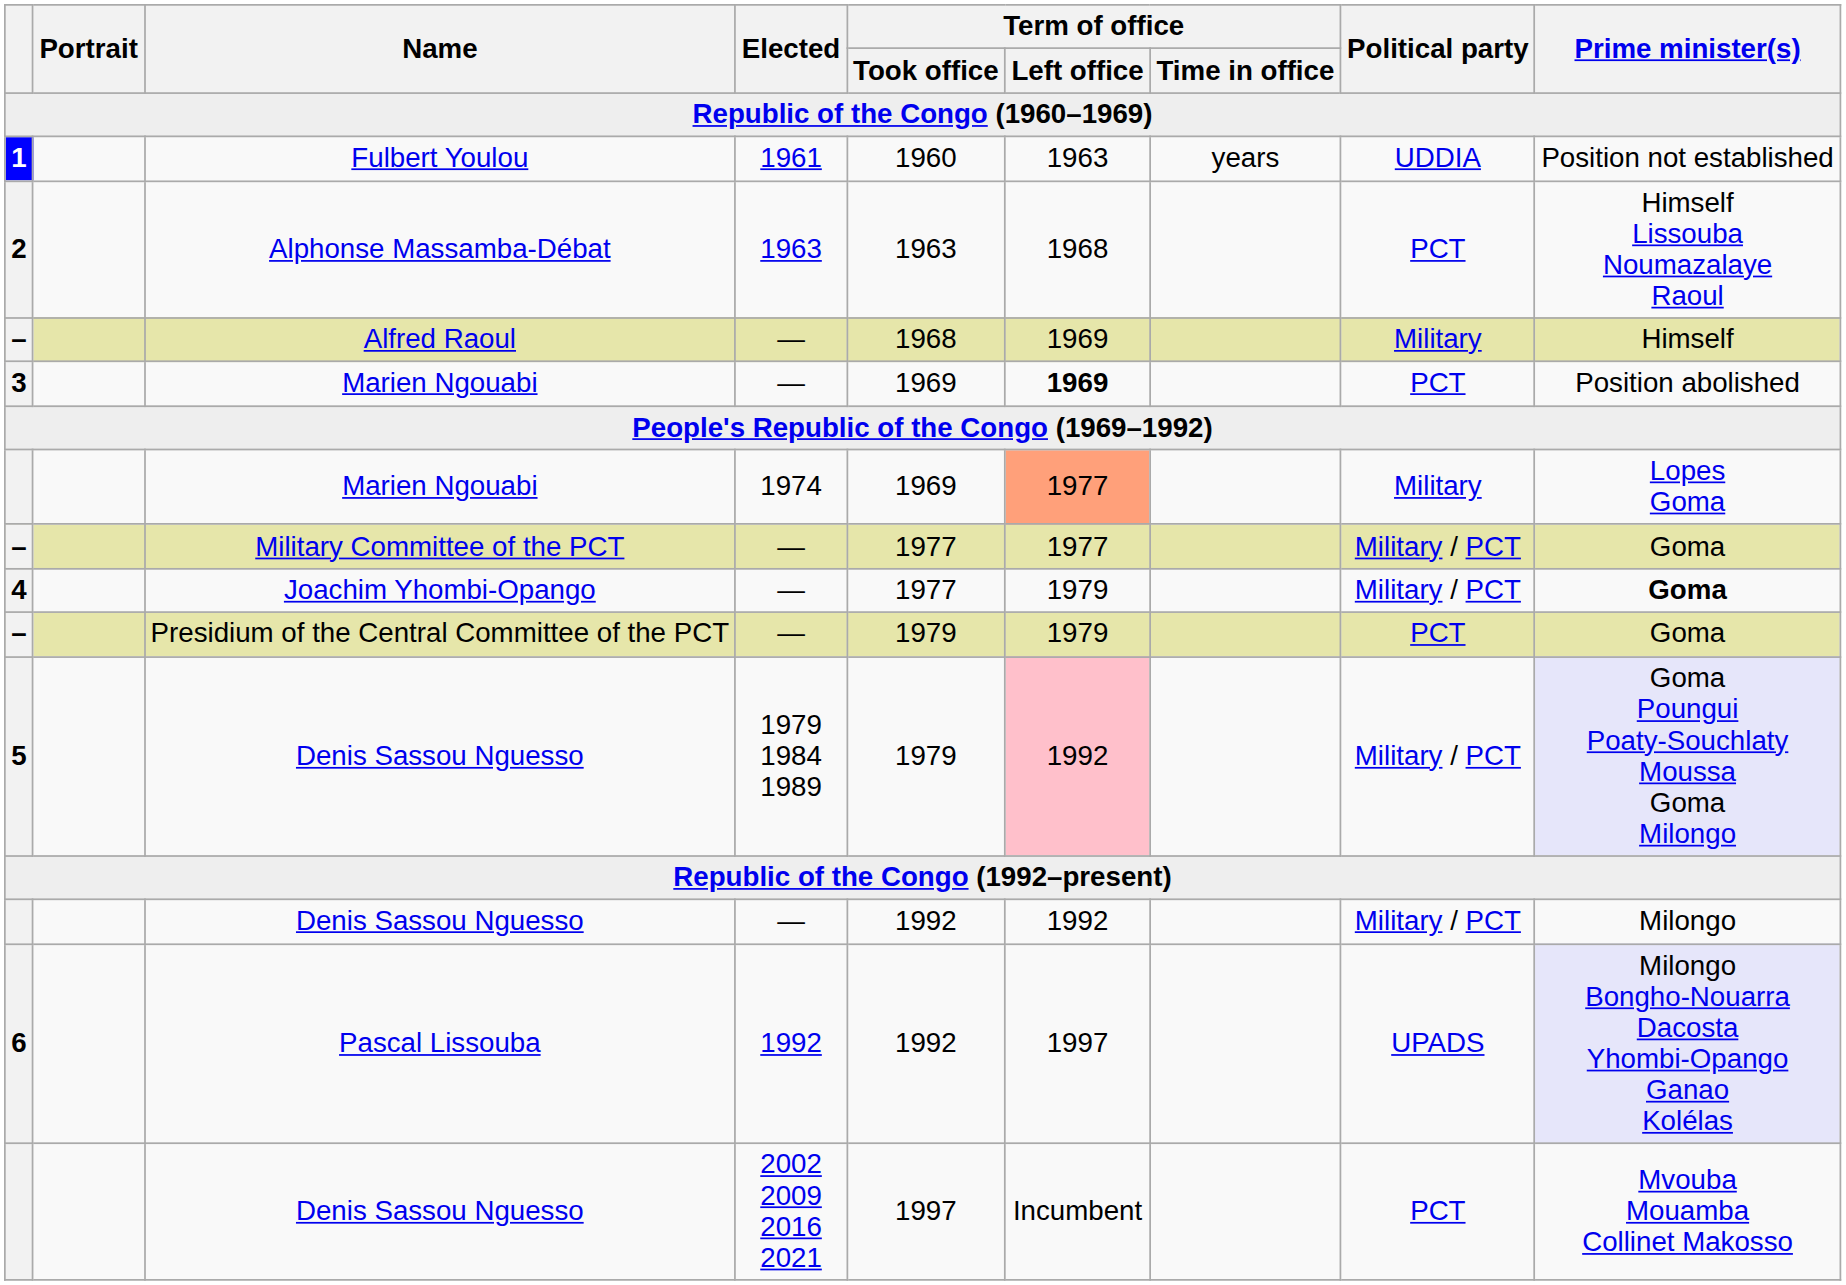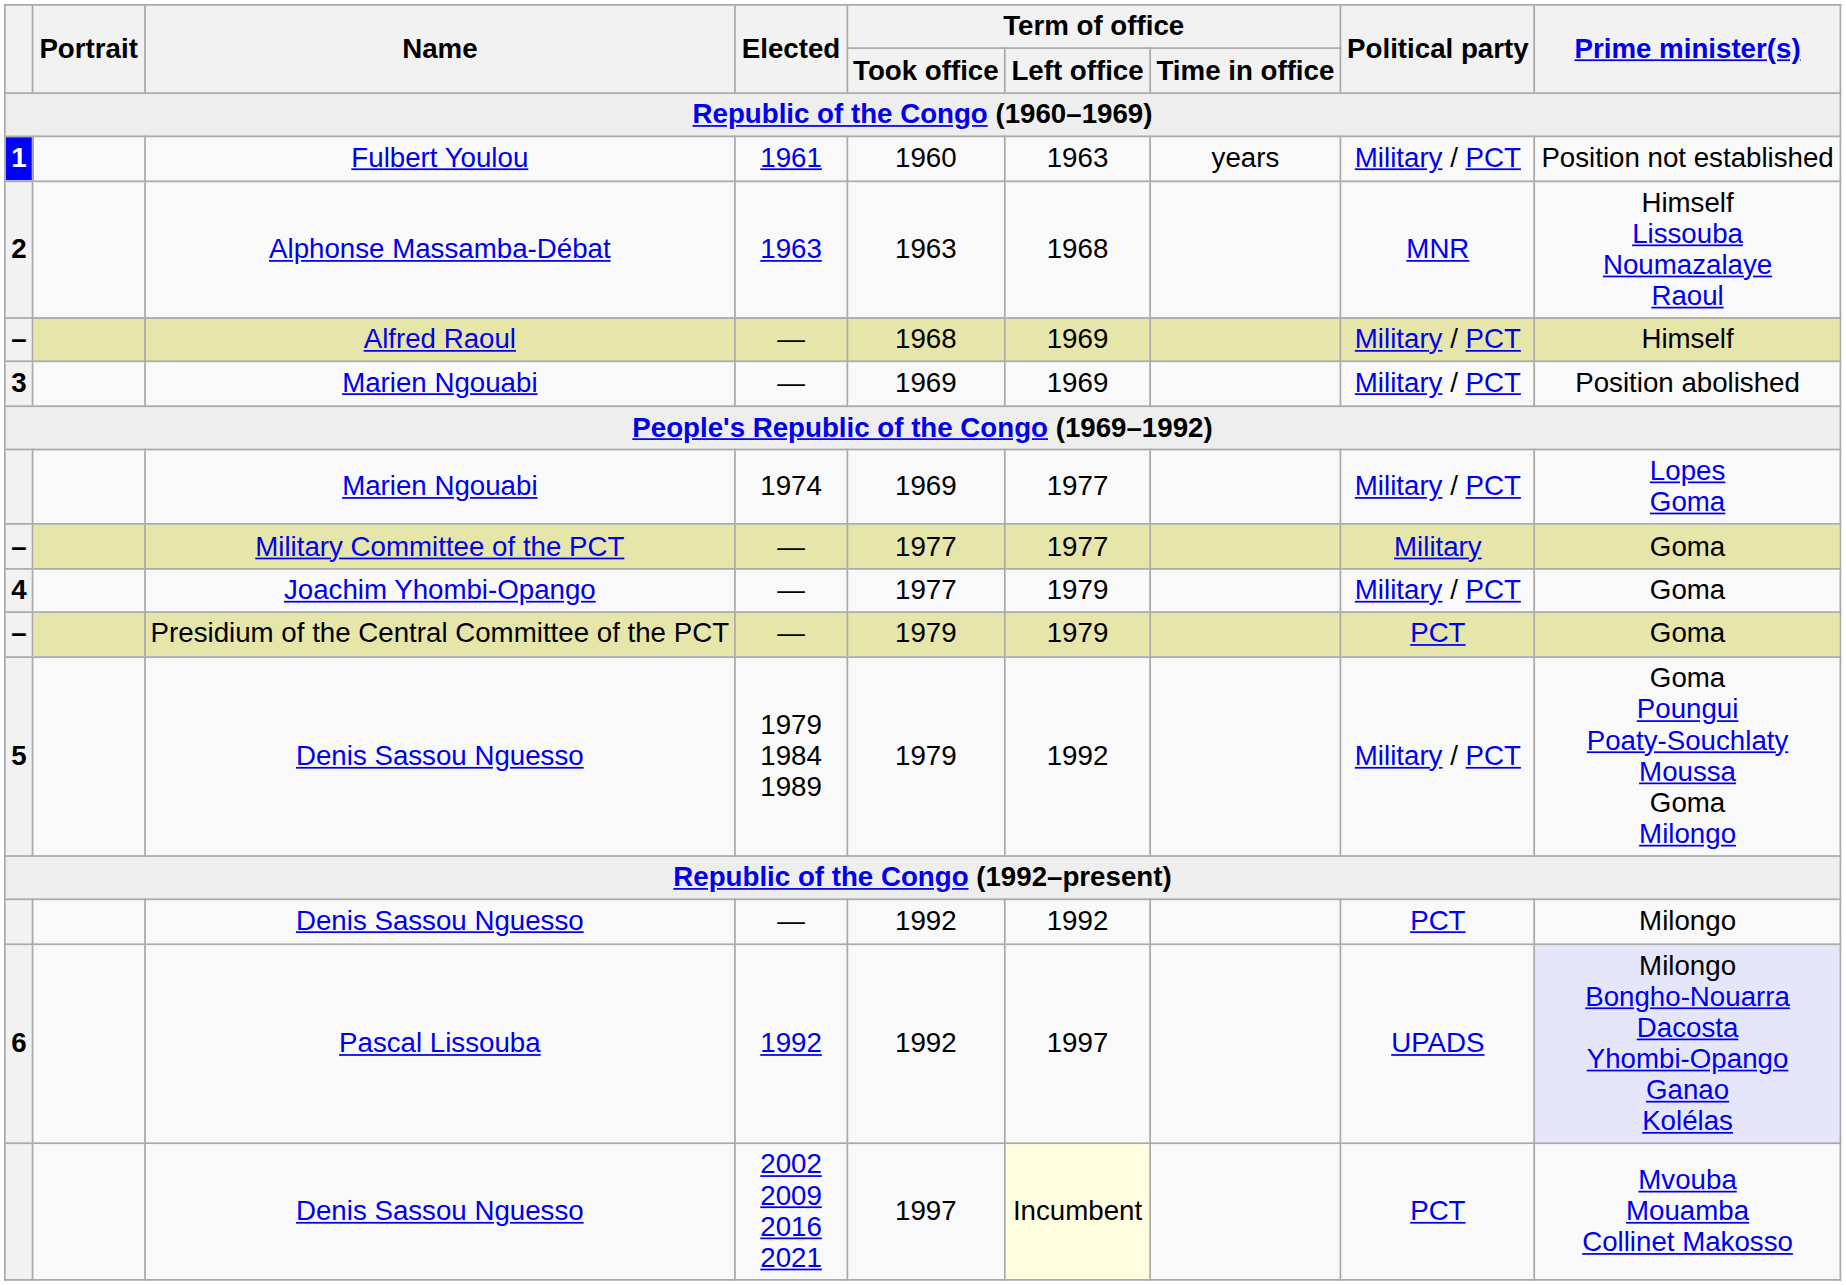 <table class="wikitable" style="text-align:center">
 <tr>
 <th rowspan="2"></th>
 <th rowspan="2">Portrait</th>
 <th rowspan="2">Name<br></th>
 <th rowspan="2">Elected</th>
 <th colspan="3">Term of office</th>
 <th rowspan="2">Political party</th>
 <th rowspan="2"><a href='#'>Prime minister(s)</a></th>
 </tr>
 <tr>
 <th>Took office</th>
 <th>Left office</th>
 <th>Time in office</th>
 </tr>
 <tr bgcolor=#EEEEEE>
 <td colspan="9"><strong><a href='#'>Republic of the Congo</a> (1960–1969)</strong></td>
 </tr>
 <tr>
 <th style="background:Blue; color:white;">1</th>
 <td></td>
 <td><a href='#'>Fulbert Youlou</a><br></td>
 <td><a href='#'>1961</a></td>
 <td> 1960</td>
 <td> 1963<br></td>
 <td> years</td>
-<td><a href='#'>UDDIA</a></td>
+<td><a href='#'>Military</a> / <a href='#'>PCT</a></td>
 <td>Position not established</td>
 </tr>
 <tr>
 <th style="background:">2</th>
 <td></td>
 <td><a href='#'>Alphonse Massamba-Débat</a><br></td>
 <td><a href='#'>1963</a></td>
 <td> 1963</td>
 <td> 1968<br></td>
 <td></td>
-<td><a href='#'>PCT</a></td>
+<td><a href='#'>MNR</a></td>
 <td>Himself<br><a href='#'>Lissouba</a><br><a href='#'>Noumazalaye</a><br><a href='#'>Raoul</a></td>
 </tr>
 <tr style="background:#e6e6aa;">
 <th style="background:">–</th>
 <td></td>
 <td><a href='#'>Alfred Raoul</a><br></td>
 <td>—</td>
 <td> 1968</td>
 <td> 1969</td>
 <td></td>
-<td><a href='#'>Military</a><br></td>
+<td><a href='#'>Military</a> / <a href='#'>PCT</a></td>
 <td>Himself</td>
 </tr>
 <tr>
 <th style="background:">3</th>
 <td></td>
 <td><a href='#'>Marien Ngouabi</a><br></td>
 <td>—</td>
 <td> 1969</td>
-<td><strong> 1969</strong></td>
+<td> 1969</td>
 <td></td>
-<td><a href='#'>PCT</a></td>
+<td><a href='#'>Military</a> / <a href='#'>PCT</a></td>
 <td>Position abolished</td>
 </tr>
 <tr bgcolor=#EEEEEE>
 <td colspan="9"><strong><a href='#'>People's Republic of the Congo</a> (1969–1992)</strong></td>
 </tr>
 <tr>
 <th style="background:"></th>
 <td></td>
 <td><a href='#'>Marien Ngouabi</a><br></td>
 <td>1974</td>
 <td> 1969</td>
-<td style="background: lightsalmon;"> 1977<br></td>
+<td> 1977<br></td>
 <td></td>
-<td><a href='#'>Military</a><br></td>
+<td><a href='#'>Military</a> / <a href='#'>PCT</a></td>
 <td><a href='#'>Lopes</a><br><a href='#'>Goma</a></td>
 </tr>
 <tr style="background:#e6e6aa;">
 <th style="background:">–</th>
 <td></td>
 <td><a href='#'>Military Committee of the PCT</a><br></td>
 <td>—</td>
 <td> 1977</td>
 <td> 1977</td>
 <td></td>
-<td><a href='#'>Military</a> / <a href='#'>PCT</a></td>
+<td><a href='#'>Military</a><br></td>
 <td>Goma</td>
 </tr>
 <tr>
 <th style="background:">4</th>
 <td></td>
 <td><a href='#'>Joachim Yhombi-Opango</a><br></td>
 <td>—</td>
 <td> 1977</td>
 <td> 1979<br></td>
 <td></td>
 <td><a href='#'>Military</a> / <a href='#'>PCT</a></td>
-<td><strong>Goma</strong></td>
+<td>Goma</td>
 </tr>
 <tr style="background:#e6e6aa;">
 <th style="background:">–</th>
 <td></td>
 <td>Presidium of the Central Committee of the PCT<br></td>
 <td>—</td>
 <td> 1979</td>
 <td> 1979</td>
 <td></td>
 <td><a href='#'>PCT</a></td>
 <td>Goma</td>
 </tr>
 <tr>
 <th style="background:">5</th>
 <td></td>
 <td><a href='#'>Denis Sassou Nguesso</a><br></td>
 <td>1979<br>1984<br>1989</td>
 <td> 1979</td>
-<td style="background: pink;"> 1992</td>
+<td> 1992</td>
 <td></td>
 <td><a href='#'>Military</a> / <a href='#'>PCT</a></td>
-<td style="background: lavender;">Goma<br><a href='#'>Poungui</a><br><a href='#'>Poaty-Souchlaty</a><br><a href='#'>Moussa</a><br>Goma<br><a href='#'>Milongo</a></td>
+<td>Goma<br><a href='#'>Poungui</a><br><a href='#'>Poaty-Souchlaty</a><br><a href='#'>Moussa</a><br>Goma<br><a href='#'>Milongo</a></td>
 </tr>
 <tr bgcolor=#EEEEEE>
 <td colspan="9"><strong><a href='#'>Republic of the Congo</a> (1992–present)</strong></td>
 </tr>
 <tr>
 <th style="background:"></th>
 <td></td>
 <td><a href='#'>Denis Sassou Nguesso</a><br></td>
 <td>—</td>
 <td> 1992</td>
 <td> 1992</td>
 <td></td>
-<td><a href='#'>Military</a> / <a href='#'>PCT</a></td>
+<td><a href='#'>PCT</a></td>
 <td>Milongo</td>
 </tr>
 <tr>
 <th style="background:">6</th>
 <td></td>
 <td><a href='#'>Pascal Lissouba</a><br></td>
 <td><a href='#'>1992</a></td>
 <td> 1992</td>
 <td> 1997<br></td>
 <td></td>
 <td><a href='#'>UPADS</a></td>
 <td style="background: lavender;">Milongo<br><a href='#'>Bongho-Nouarra</a><br><a href='#'>Dacosta</a><br><a href='#'>Yhombi-Opango</a><br><a href='#'>Ganao</a><br><a href='#'>Kolélas</a></td>
 </tr>
 <tr>
 <th style="background:"></th>
 <td></td>
 <td><a href='#'>Denis Sassou Nguesso</a><br></td>
 <td><a href='#'>2002</a><br><a href='#'>2009</a><br><a href='#'>2016</a><br><a href='#'>2021</a></td>
 <td> 1997</td>
-<td>Incumbent</td>
+<td style="background: lightyellow;">Incumbent</td>
 <td></td>
 <td><a href='#'>PCT</a></td>
 <td><a href='#'>Mvouba</a><br><a href='#'>Mouamba</a><br><a href='#'>Collinet Makosso</a></td>
 </tr>
 </table>
